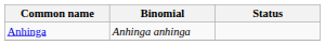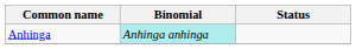 <table width=72% class="wikitable">
 <tr>
 <th width=24%>Common name</th>
 <th width=24%>Binomial</th>
 <th width=24%>Status</th>
 </tr>
 <tr>
 <td><a href='#'>Anhinga</a></td>
-<td><em>Anhinga anhinga</em></td>
+<td style="background: paleturquoise;"><em>Anhinga anhinga</em></td>
 <td></td>
 </tr>
 <tr>
 </tr>
 </table>
